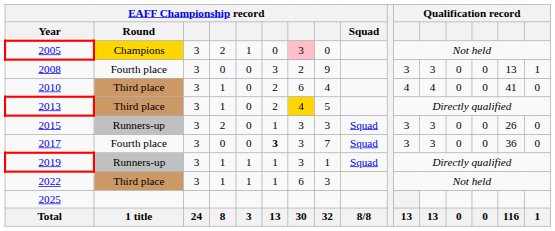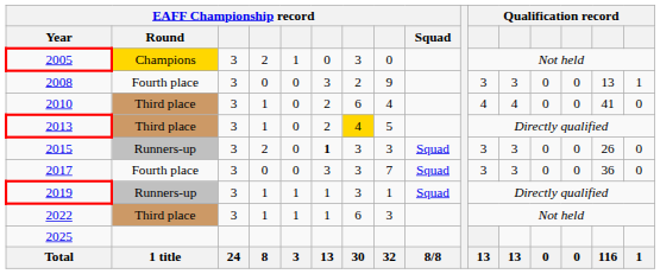 <table class="wikitable" style="text-align:center;">
 <tr>
 <th colspan=9><a href='#'>EAFF Championship</a> record</th>
 <th rowspan="12" width="1"></th>
 <th colspan="6">Qualification record</th>
 </tr>
 <tr>
 <th width=120>Year</th>
 <th width=120>Round</th>
 <th width=30></th>
 <th width=30></th>
 <th width=30></th>
 <th width=30></th>
 <th width=30></th>
 <th width=30></th>
 <th width=60>Squad</th>
 <th width=30></th>
 <th width=30></th>
 <th width=30></th>
 <th width=30></th>
 <th width=30></th>
 <th width=30></th>
 </tr>
 <tr>
 <td style="border: 3px solid red"> <a href='#'>2005</a></td>
 <td bgcolor=gold>Champions</td>
 <td>3</td>
 <td>2</td>
 <td>1</td>
 <td>0</td>
-<td style="background: pink;">3</td>
+<td>3</td>
 <td>0</td>
 <td></td>
 <td colspan="6"><em>Not held</em></td>
 </tr>
 <tr>
 <td> <a href='#'>2008</a></td>
 <td>Fourth place</td>
 <td>3</td>
 <td>0</td>
 <td>0</td>
 <td>3</td>
 <td>2</td>
 <td>9</td>
 <td></td>
 <td>3</td>
 <td>3</td>
 <td>0</td>
 <td>0</td>
 <td>13</td>
 <td>1</td>
 </tr>
 <tr>
 <td> <a href='#'>2010</a></td>
 <td bgcolor="#cc9966">Third place</td>
 <td>3</td>
 <td>1</td>
 <td>0</td>
 <td>2</td>
 <td>6</td>
 <td>4</td>
 <td></td>
 <td>4</td>
 <td>4</td>
 <td>0</td>
 <td>0</td>
 <td>41</td>
 <td>0</td>
 </tr>
 <tr>
 <td style="border: 3px solid red"> <a href='#'>2013</a></td>
 <td bgcolor="#cc9966">Third place</td>
 <td>3</td>
 <td>1</td>
 <td>0</td>
 <td>2</td>
 <td style="background: gold;">4</td>
 <td>5</td>
 <td></td>
 <td colspan="6"><em>Directly qualified</em></td>
 </tr>
 <tr>
 <td> <a href='#'>2015</a></td>
 <td bgcolor=silver>Runners-up</td>
 <td>3</td>
 <td>2</td>
 <td>0</td>
-<td>1</td>
+<td><strong>1</strong></td>
 <td>3</td>
 <td>3</td>
 <td><a href='#'>Squad</a></td>
 <td>3</td>
 <td>3</td>
 <td>0</td>
 <td>0</td>
 <td>26</td>
 <td>0</td>
 </tr>
 <tr>
 <td> <a href='#'>2017</a></td>
 <td>Fourth place</td>
 <td>3</td>
 <td>0</td>
 <td>0</td>
-<td><strong>3</strong></td>
+<td>3</td>
 <td>3</td>
 <td>7</td>
 <td><a href='#'>Squad</a></td>
 <td>3</td>
 <td>3</td>
 <td>0</td>
 <td>0</td>
 <td>36</td>
 <td>0</td>
 </tr>
 <tr>
 <td style="border: 3px solid red"> <a href='#'>2019</a></td>
 <td bgcolor=silver>Runners-up</td>
 <td>3</td>
 <td>1</td>
 <td>1</td>
 <td>1</td>
 <td>3</td>
 <td>1</td>
 <td><a href='#'>Squad</a></td>
 <td colspan="6"><em>Directly qualified</em></td>
 </tr>
 <tr>
 <td> <a href='#'>2022</a></td>
 <td bgcolor="#cc9966">Third place</td>
 <td>3</td>
 <td>1</td>
 <td>1</td>
 <td>1</td>
 <td>6</td>
 <td>3</td>
 <td></td>
 <td colspan="6"><em>Not held</em></td>
 </tr>
 <tr>
 <td> <a href='#'>2025</a></td>
 <td></td>
 <td></td>
 <td></td>
 <td></td>
 <td></td>
 <td></td>
 <td></td>
 <td></td>
 <th></th>
 <td></td>
 <td></td>
 <td></td>
 <td></td>
 <td></td>
 </tr>
 <tr>
 <th>Total</th>
 <th>1 title</th>
 <th>24</th>
 <th>8</th>
 <th>3</th>
 <th>13</th>
 <th>30</th>
 <th>32</th>
 <th>8/8</th>
 <th>13</th>
 <th>13</th>
 <th>0</th>
 <th>0</th>
 <th>116</th>
 <th>1</th>
 </tr>
 </table>
